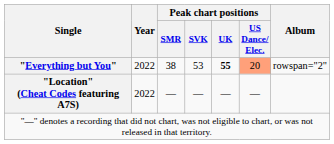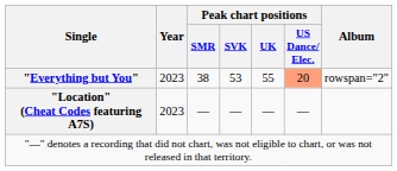 <table class="wikitable plainrowheaders" style="text-align:center;">
 <tr>
 <th scope="col" rowspan="2" style="width:12em;">Single</th>
 <th scope="col" rowspan="2" style="width:1em;">Year</th>
 <th scope="col" colspan="4">Peak chart positions</th>
 <th scope="col" rowspan="2" style="width:1em;">Album</th>
 </tr>
 <tr>
 <th scope="col" style="width:2.5em;font-size:90%;"><a href='#'>SMR</a><br></th>
 <th scope="col" style="width:2.5em;font-size:90%;"><a href='#'>SVK</a><br></th>
 <th scope="col" style="width:2.5em;font-size:90%;"><a href='#'>UK</a><br></th>
 <th scope="col" style="width:2.5em;font-size:90%;"><a href='#'>US<br>Dance/<br>Elec.</a><br></th>
 </tr>
 <tr>
 <th scope="row">"<a href='#'>Everything but You</a>" <br></th>
-<td>2022</td>
+<td>2023</td>
 <td>38</td>
 <td>53</td>
-<td><strong>55</strong></td>
+<td>55</td>
 <td style="background: lightsalmon;">20</td>
 <td>rowspan="2" </td>
 </tr>
 <tr>
 <th scope="row">"Location"<br><span>(<a href='#'>Cheat Codes</a> featuring A7S)</span></th>
-<td>2022</td>
+<td>2023</td>
 <td>—</td>
 <td>—</td>
 <td>—</td>
 <td>—</td>
 </tr>
 <tr>
 <td colspan="7" style="font-size:90%">"—" denotes a recording that did not chart, was not eligible to chart, or was not released in that territory.</td>
 </tr>
 </table>
